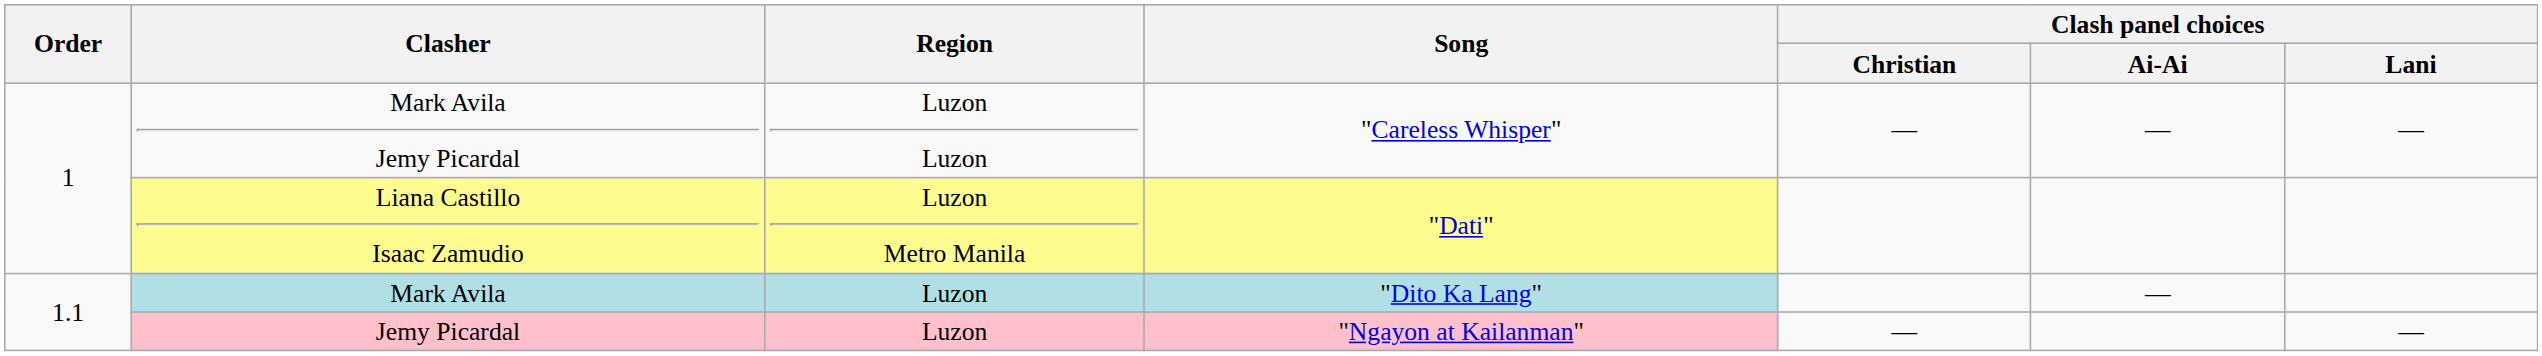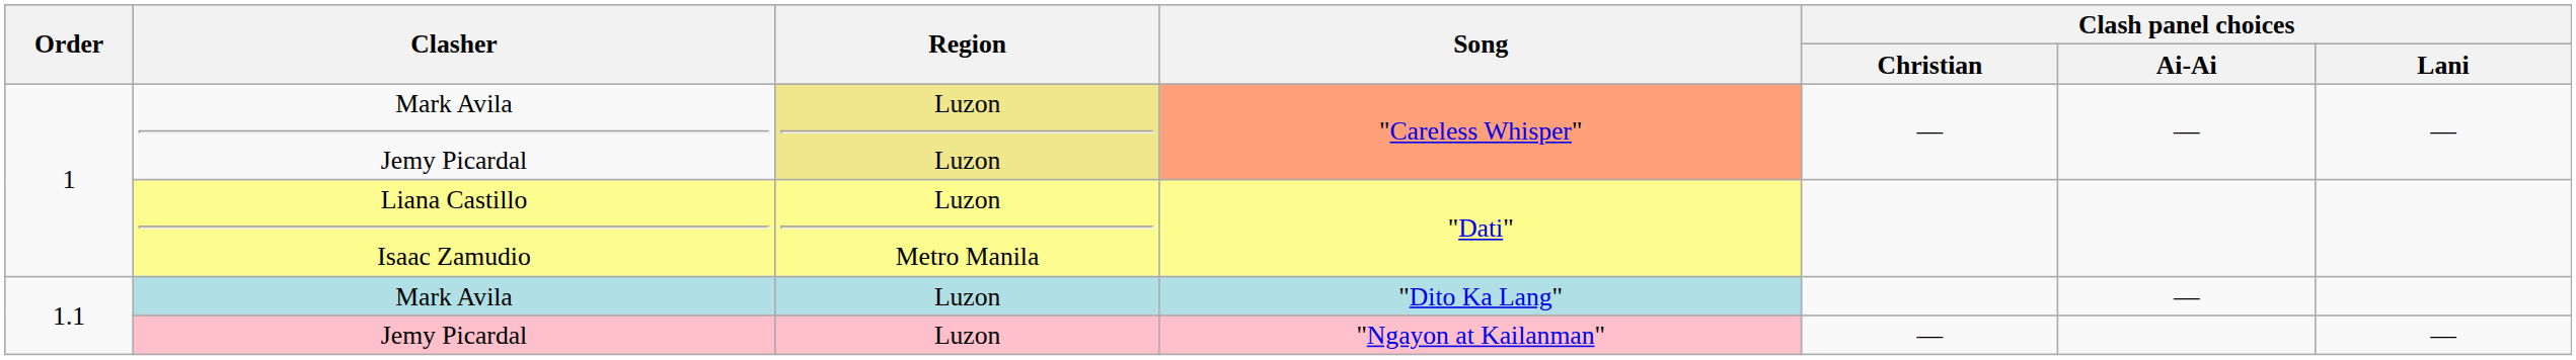 <table class="wikitable" style="text-align:center; line-height:17px; width:100%;">
 <tr>
 <th rowspan="2" width="5%">Order</th>
 <th rowspan="2" width="25%">Clasher</th>
 <th rowspan="2">Region</th>
 <th rowspan="2" width="25%">Song</th>
 <th colspan="3" width="30%">Clash panel choices</th>
 </tr>
 <tr>
 <th width="10%">Christian</th>
 <th width="10%">Ai-Ai</th>
 <th width="10%">Lani</th>
 </tr>
 <tr>
 <td rowspan="2">1</td>
 <td>Mark Avila<hr>Jemy Picardal</td>
-<td>Luzon<hr>Luzon</td>
-<td>"<a href='#'>Careless Whisper</a>"</td>
+<td style="background: khaki;">Luzon<hr>Luzon</td>
+<td style="background: lightsalmon;">"<a href='#'>Careless Whisper</a>"</td>
 <td>—</td>
 <td>—</td>
 <td>—</td>
 </tr>
 <tr>
 <td style="background:#fdfc8f;">Liana Castillo<hr>Isaac Zamudio</td>
 <td style="background:#fdfc8f;">Luzon<hr>Metro Manila</td>
 <td style="background:#fdfc8f;">"<a href='#'>Dati</a>"</td>
 <td><strong></strong></td>
 <td><strong></strong></td>
 <td><strong></strong></td>
 </tr>
 <tr>
 <td rowspan="2">1.1</td>
 <td style="background:#b0e0e6;">Mark Avila</td>
 <td style="background:#b0e0e6;">Luzon</td>
 <td style="background:#b0e0e6;">"<a href='#'>Dito Ka Lang</a>"</td>
 <td><strong></strong></td>
 <td>—</td>
 <td><strong></strong></td>
 </tr>
 <tr>
 <td style="background:pink;">Jemy Picardal</td>
 <td style="background:pink;">Luzon</td>
 <td style="background:pink;">"<a href='#'>Ngayon at Kailanman</a>"</td>
 <td>—</td>
 <td><strong></strong></td>
 <td>—</td>
 </tr>
 </table>
